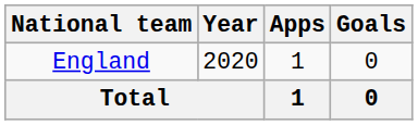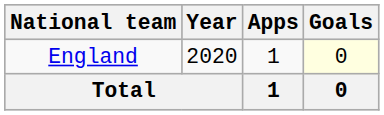 <table class="wikitable" style="text-align: center;">
 <tr>
 <th>National team</th>
 <th>Year</th>
 <th>Apps</th>
 <th>Goals</th>
 </tr>
 <tr>
 <td><a href='#'>England</a></td>
 <td>2020</td>
 <td>1</td>
-<td>0</td>
+<td style="background: lightyellow;">0</td>
 </tr>
 <tr>
 <th colspan="2">Total</th>
 <th>1</th>
 <th>0</th>
 </tr>
 </table>
